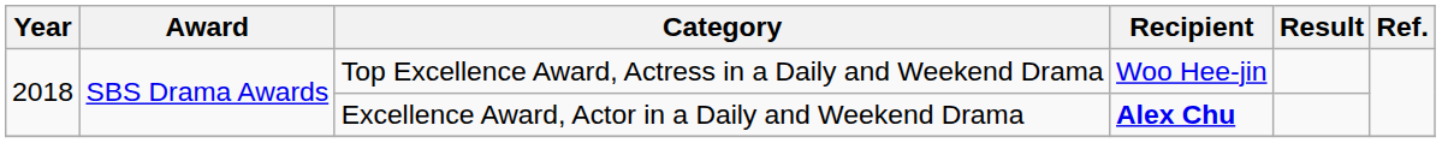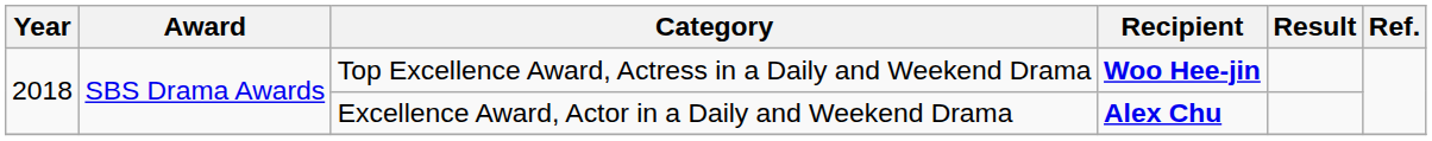 <table class="wikitable">
 <tr>
 <th>Year</th>
 <th>Award</th>
 <th>Category</th>
 <th>Recipient</th>
 <th>Result</th>
 <th>Ref.</th>
 </tr>
 <tr>
 <td rowspan=2>2018</td>
 <td rowspan=2><a href='#'>SBS Drama Awards</a></td>
 <td>Top Excellence Award, Actress in a Daily and Weekend Drama</td>
-<td><a href='#'>Woo Hee-jin</a></td>
+<td><strong><a href='#'>Woo Hee-jin</a></strong></td>
 <td></td>
 <td rowspan=2></td>
 </tr>
 <tr>
 <td>Excellence Award, Actor in a Daily and Weekend Drama</td>
 <td><strong><a href='#'>Alex Chu</a></strong></td>
 <td></td>
 </tr>
 <tr>
 </tr>
 </table>
